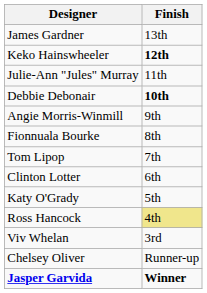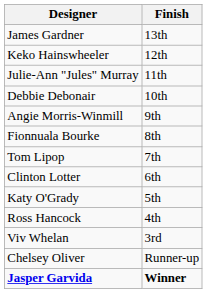 <table class="wikitable">
 <tr>
 <th>Designer</th>
 <th>Finish</th>
 </tr>
 <tr>
 <td>James Gardner</td>
 <td>13th</td>
 </tr>
 <tr>
 <td>Keko Hainswheeler</td>
-<td><strong>12th</strong></td>
+<td>12th</td>
 </tr>
 <tr>
 <td>Julie-Ann "Jules" Murray</td>
 <td>11th</td>
 </tr>
 <tr>
 <td>Debbie Debonair</td>
-<td><strong>10th</strong></td>
+<td>10th</td>
 </tr>
 <tr>
 <td>Angie Morris-Winmill</td>
 <td>9th</td>
 </tr>
 <tr>
 <td>Fionnuala Bourke</td>
 <td>8th</td>
 </tr>
 <tr>
 <td>Tom Lipop</td>
 <td>7th</td>
 </tr>
 <tr>
 <td>Clinton Lotter</td>
 <td>6th</td>
 </tr>
 <tr>
 <td>Katy O'Grady</td>
 <td>5th</td>
 </tr>
 <tr>
 <td>Ross Hancock</td>
-<td style="background: khaki;">4th</td>
+<td>4th</td>
 </tr>
 <tr>
 <td>Viv Whelan</td>
 <td>3rd</td>
 </tr>
 <tr>
 <td>Chelsey Oliver</td>
 <td>Runner-up</td>
 </tr>
 <tr>
 <td><strong><a href='#'>Jasper Garvida</a></strong></td>
 <td><strong>Winner</strong></td>
 </tr>
 </table>
